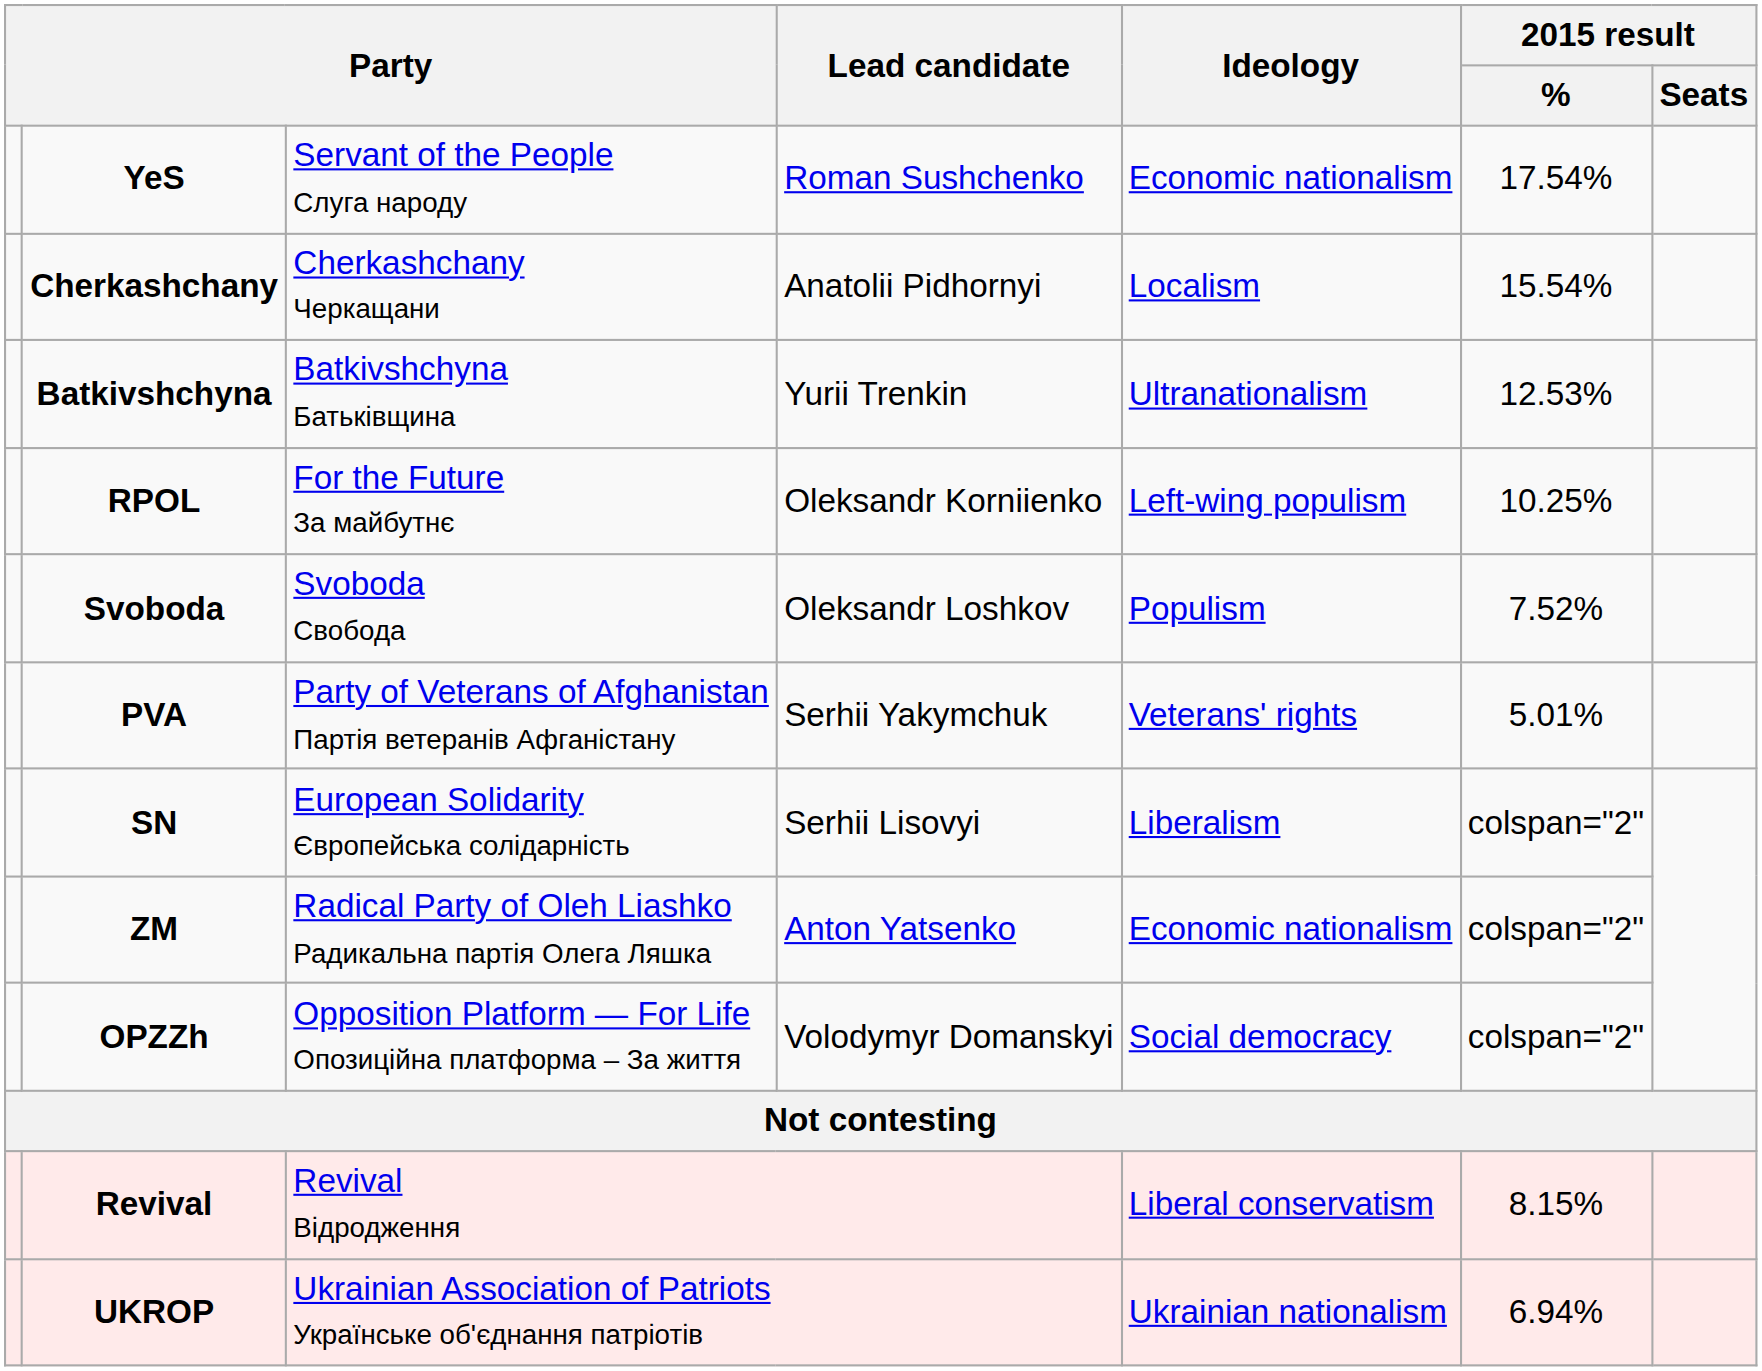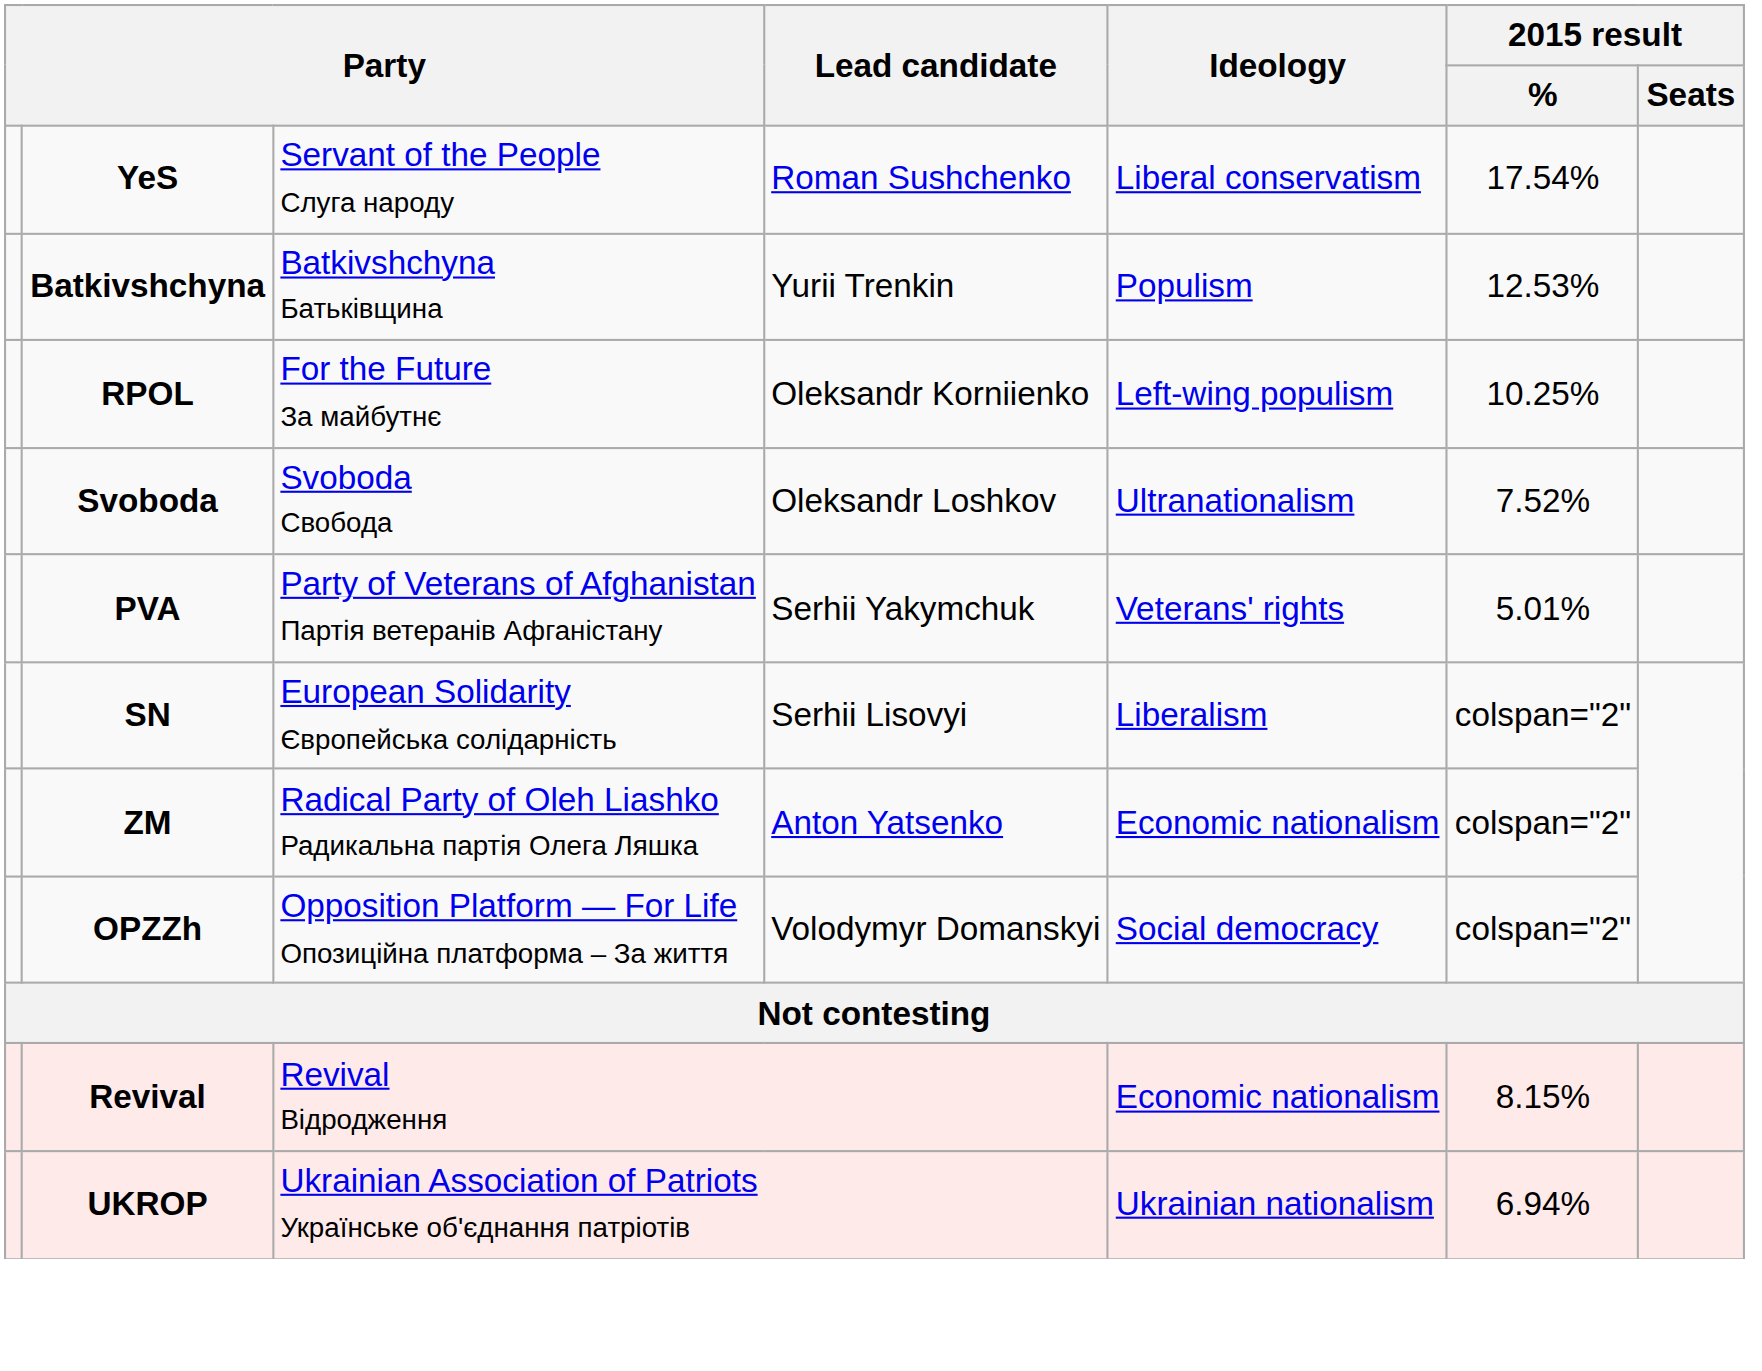 <table class="wikitable" style="line-height:1.35em; text-align:left;">
 <tr>
 <th colspan="3" rowspan="2">Party</th>
 <th rowspan="2">Lead candidate</th>
 <th rowspan="2">Ideology</th>
 <th colspan="2">2015 result</th>
 </tr>
 <tr>
 <th>%</th>
 <th>Seats</th>
 </tr>
 <tr>
 <td width="1" style="color:inherit;background:"></td>
 <td align="center"><strong>YeS</strong></td>
 <td><a href='#'>Servant of the People</a><br><small>Слуга народу</small></td>
 <td><a href='#'>Roman Sushchenko</a></td>
-<td><a href='#'>Economic nationalism</a></td>
+<td><a href='#'>Liberal conservatism</a></td>
 <td align="center">17.54%</td>
-<td></td>
-</tr>
-<tr>
-<td style="color:inherit;background:"></td>
-<td align="center"><strong>Cherkashchany</strong></td>
-<td><a href='#'>Cherkashchany</a><br><small>Черкащани</small></td>
-<td>Anatolii Pidhornyi</td>
-<td><a href='#'>Localism</a></td>
-<td align="center">15.54%</td>
 <td></td>
 </tr>
 <tr>
 <td style="color:inherit;background:"></td>
 <td align="center"><strong>Batkivshchyna</strong></td>
 <td><a href='#'>Batkivshchyna</a><br><small>Батьківщина</small></td>
 <td>Yurii Trenkin</td>
-<td><a href='#'>Ultranationalism</a></td>
+<td><a href='#'>Populism</a></td>
 <td align="center">12.53%</td>
 <td></td>
 </tr>
 <tr>
 <td style="color:inherit;background:"></td>
 <td align="center"><strong>RPOL</strong></td>
 <td><a href='#'>For the Future</a><br><small>За майбутнє</small></td>
 <td>Oleksandr Korniienko</td>
 <td><a href='#'>Left-wing populism</a></td>
 <td align="center">10.25%</td>
 <td></td>
 </tr>
 <tr>
 <td style="color:inherit;background:"></td>
 <td align="center"><strong>Svoboda</strong></td>
 <td><a href='#'>Svoboda</a><br><small>Свобода</small></td>
 <td>Oleksandr Loshkov</td>
-<td><a href='#'>Populism</a></td>
+<td><a href='#'>Ultranationalism</a></td>
 <td align="center">7.52%</td>
 <td></td>
 </tr>
 <tr>
 <td style="color:inherit;background:"></td>
 <td align="center"><strong>PVA</strong></td>
 <td><a href='#'>Party of Veterans of Afghanistan</a><br><small>Партія ветеранів Афганістану</small></td>
 <td>Serhii Yakymchuk</td>
 <td><a href='#'>Veterans' rights</a></td>
 <td align="center">5.01%</td>
 <td></td>
 </tr>
 <tr>
 <td style="color:inherit;background:"></td>
 <td align="center"><strong>SN</strong></td>
 <td><a href='#'>European Solidarity</a><br><small>Європейська солідарність</small></td>
 <td>Serhii Lisovyi</td>
 <td><a href='#'>Liberalism</a></td>
 <td>colspan="2" </td>
 </tr>
 <tr>
 <td style="color:inherit;background:"></td>
 <td align="center"><strong>ZM</strong></td>
 <td><a href='#'>Radical Party of Oleh Liashko</a><br><small>Радикальна партія Олега Ляшка</small></td>
 <td><a href='#'>Anton Yatsenko</a></td>
 <td><a href='#'>Economic nationalism</a></td>
 <td>colspan="2" </td>
 </tr>
 <tr>
 <td style="color:inherit;background:"></td>
 <td align="center"><strong>OPZZh</strong></td>
 <td><a href='#'>Opposition Platform — For Life</a><br><small>Опозиційна платформа – За життя</small></td>
 <td>Volodymyr Domanskyi</td>
 <td><a href='#'>Social democracy</a></td>
 <td>colspan="2" </td>
 </tr>
 <tr>
 <th colspan="7">Not contesting</th>
 </tr>
 <tr style="background:#FFEAEA;">
 <td style="color:inherit;background:"></td>
 <td align="center"><strong>Revival</strong></td>
 <td colspan="2"><a href='#'>Revival</a><br><small>Відродження</small></td>
-<td><a href='#'>Liberal conservatism</a></td>
+<td><a href='#'>Economic nationalism</a></td>
 <td align="center">8.15%</td>
 <td></td>
 </tr>
 <tr style="background:#FFEAEA;">
 <td style="color:inherit;background:"></td>
 <td align="center"><strong>UKROP</strong></td>
 <td colspan="2"><a href='#'>Ukrainian Association of Patriots</a><br><small>Українське об'єднання патріотів</small></td>
 <td><a href='#'>Ukrainian nationalism</a></td>
 <td align="center">6.94%</td>
 <td></td>
 </tr>
 </table>
